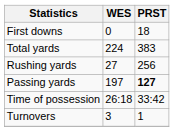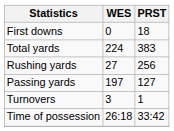 <table class="wikitable" style="float: left;">
 <tr>
 <th>Statistics</th>
 <th>WES</th>
 <th>PRST</th>
 </tr>
 <tr>
 <td>First downs</td>
 <td>0</td>
 <td>18</td>
 </tr>
 <tr>
 <td>Total yards</td>
 <td>224</td>
 <td>383</td>
 </tr>
 <tr>
 <td>Rushing yards</td>
 <td>27</td>
 <td>256</td>
 </tr>
 <tr>
 <td>Passing yards</td>
 <td>197</td>
-<td><strong>127</strong></td>
+<td>127</td>
+</tr>
+<tr>
+<td>Turnovers</td>
+<td>3</td>
+<td>1</td>
 </tr>
 <tr>
 <td>Time of possession</td>
 <td>26:18</td>
 <td>33:42</td>
 </tr>
 <tr>
-<td>Turnovers</td>
-<td>3</td>
-<td>1</td>
-</tr>
-<tr>
 </tr>
 </table>
